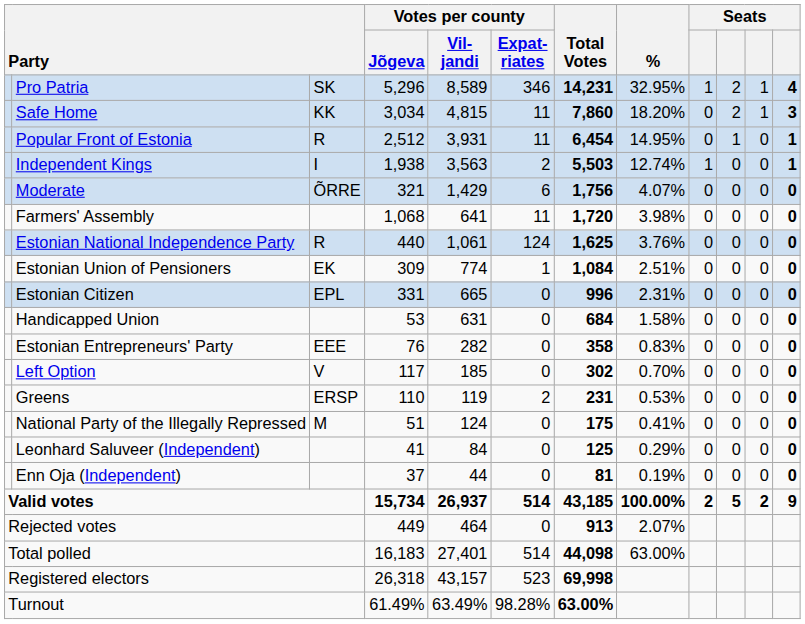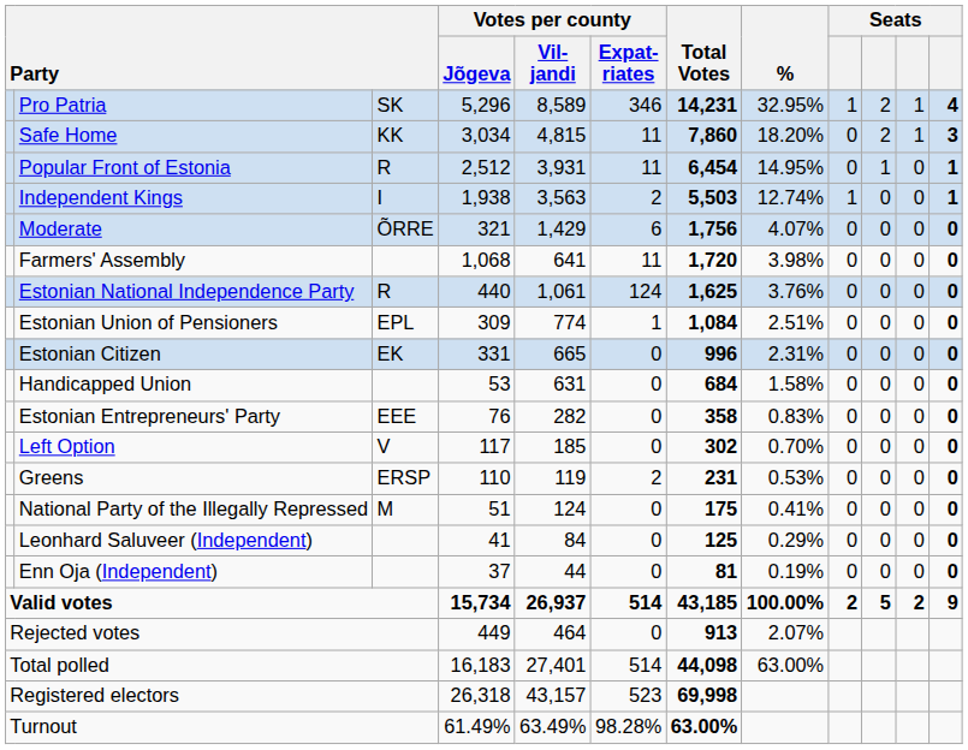 <table class="wikitable" border="1" style="text-align:right;">
 <tr>
 <th style="text-align:left;" valign=bottom rowspan=2 colspan=3>Party</th>
 <th colspan=3>Votes per county</th>
 <th align=center valign=bottom rowspan=2 width="50">Total Votes</th>
 <th align=center valign=bottom rowspan=2 width="50">%</th>
 <th colspan=4>Seats</th>
 </tr>
 <tr>
 <th align=center valign=bottom width="50"><a href='#'>Jõgeva</a></th>
 <th align=center valign=bottom width="50"><a href='#'>Vil- jandi</a></th>
 <th align=center valign=bottom width="50"><a href='#'>Expat- riates</a></th>
 <th align=center valign=bottom width="20"><small></small></th>
 <th align=center valign=bottom width="20"><small></small></th>
 <th align=center valign=bottom width="20"><small></small></th>
 <th align=center valign=bottom width="20"><small></small></th>
 </tr>
 <tr style="background:#CEE0F2;">
 <td style="background:"></td>
 <td align=left><a href='#'>Pro Patria</a></td>
 <td align=left>SK</td>
 <td>5,296</td>
 <td>8,589</td>
 <td>346</td>
 <td><strong>14,231</strong></td>
 <td>32.95%</td>
 <td>1</td>
 <td>2</td>
 <td>1</td>
 <td><strong>4</strong></td>
 </tr>
 <tr style="background:#CEE0F2;">
 <td style="background:"></td>
 <td align=left><a href='#'>Safe Home</a></td>
 <td align=left>KK</td>
 <td>3,034</td>
 <td>4,815</td>
 <td>11</td>
 <td><strong>7,860</strong></td>
 <td>18.20%</td>
 <td>0</td>
 <td>2</td>
 <td>1</td>
 <td><strong>3</strong></td>
 </tr>
 <tr style="background:#CEE0F2;">
 <td style="background:"></td>
 <td align=left><a href='#'>Popular Front of Estonia</a></td>
 <td align=left>R</td>
 <td>2,512</td>
 <td>3,931</td>
 <td>11</td>
 <td><strong>6,454</strong></td>
 <td>14.95%</td>
 <td>0</td>
 <td>1</td>
 <td>0</td>
 <td><strong>1</strong></td>
 </tr>
 <tr style="background:#CEE0F2;">
 <td></td>
 <td align=left><a href='#'>Independent Kings</a></td>
 <td align=left>I</td>
 <td>1,938</td>
 <td>3,563</td>
 <td>2</td>
 <td><strong>5,503</strong></td>
 <td>12.74%</td>
 <td>1</td>
 <td>0</td>
 <td>0</td>
 <td><strong>1</strong></td>
 </tr>
 <tr style="background:#CEE0F2;">
 <td style="background:"></td>
 <td align=left><a href='#'>Moderate</a></td>
 <td align=left>ÕRRE</td>
 <td>321</td>
 <td>1,429</td>
 <td>6</td>
 <td><strong>1,756</strong></td>
 <td>4.07%</td>
 <td>0</td>
 <td>0</td>
 <td>0</td>
 <td><strong>0</strong></td>
 </tr>
 <tr>
 <td></td>
 <td align=left>Farmers' Assembly</td>
 <td></td>
 <td>1,068</td>
 <td>641</td>
 <td>11</td>
 <td><strong>1,720</strong></td>
 <td>3.98%</td>
 <td>0</td>
 <td>0</td>
 <td>0</td>
 <td><strong>0</strong></td>
 </tr>
 <tr style="background:#CEE0F2;">
 <td></td>
 <td align=left><a href='#'>Estonian National Independence Party</a></td>
 <td align=left>R</td>
 <td>440</td>
 <td>1,061</td>
 <td>124</td>
 <td><strong>1,625</strong></td>
 <td>3.76%</td>
 <td>0</td>
 <td>0</td>
 <td>0</td>
 <td><strong>0</strong></td>
 </tr>
 <tr>
 <td></td>
 <td align=left>Estonian Union of Pensioners</td>
-<td align=left>EK</td>
+<td align=left>EPL</td>
 <td>309</td>
 <td>774</td>
 <td>1</td>
 <td><strong>1,084</strong></td>
 <td>2.51%</td>
 <td>0</td>
 <td>0</td>
 <td>0</td>
 <td><strong>0</strong></td>
 </tr>
 <tr style="background:#CEE0F2;">
 <td></td>
 <td align=left>Estonian Citizen</td>
-<td align=left>EPL</td>
+<td align=left>EK</td>
 <td>331</td>
 <td>665</td>
 <td>0</td>
 <td><strong>996</strong></td>
 <td>2.31%</td>
 <td>0</td>
 <td>0</td>
 <td>0</td>
 <td><strong>0</strong></td>
 </tr>
 <tr>
 <td></td>
 <td align=left>Handicapped Union</td>
 <td></td>
 <td>53</td>
 <td>631</td>
 <td>0</td>
 <td><strong>684</strong></td>
 <td>1.58%</td>
 <td>0</td>
 <td>0</td>
 <td>0</td>
 <td><strong>0</strong></td>
 </tr>
 <tr>
 <td></td>
 <td align=left>Estonian Entrepreneurs' Party</td>
 <td align=left>EEE</td>
 <td>76</td>
 <td>282</td>
 <td>0</td>
 <td><strong>358</strong></td>
 <td>0.83%</td>
 <td>0</td>
 <td>0</td>
 <td>0</td>
 <td><strong>0</strong></td>
 </tr>
 <tr>
 <td style="background:"></td>
 <td align=left><a href='#'>Left Option</a></td>
 <td align=left>V</td>
 <td>117</td>
 <td>185</td>
 <td>0</td>
 <td><strong>302</strong></td>
 <td>0.70%</td>
 <td>0</td>
 <td>0</td>
 <td>0</td>
 <td><strong>0</strong></td>
 </tr>
 <tr>
 <td></td>
 <td align=left>Greens</td>
 <td align=left>ERSP</td>
 <td>110</td>
 <td>119</td>
 <td>2</td>
 <td><strong>231</strong></td>
 <td>0.53%</td>
 <td>0</td>
 <td>0</td>
 <td>0</td>
 <td><strong>0</strong></td>
 </tr>
 <tr>
 <td></td>
 <td align=left>National Party of the Illegally Repressed</td>
 <td align=left>M</td>
 <td>51</td>
 <td>124</td>
 <td>0</td>
 <td><strong>175</strong></td>
 <td>0.41%</td>
 <td>0</td>
 <td>0</td>
 <td>0</td>
 <td><strong>0</strong></td>
 </tr>
 <tr>
 <td style="background:"></td>
 <td align=left>Leonhard Saluveer (<a href='#'>Independent</a>)</td>
 <td></td>
 <td>41</td>
 <td>84</td>
 <td>0</td>
 <td><strong>125</strong></td>
 <td>0.29%</td>
 <td>0</td>
 <td>0</td>
 <td>0</td>
 <td><strong>0</strong></td>
 </tr>
 <tr>
 <td style="background:"></td>
 <td align=left>Enn Oja (<a href='#'>Independent</a>)</td>
 <td></td>
 <td>37</td>
 <td>44</td>
 <td>0</td>
 <td><strong>81</strong></td>
 <td>0.19%</td>
 <td>0</td>
 <td>0</td>
 <td>0</td>
 <td><strong>0</strong></td>
 </tr>
 <tr style="font-weight:bold">
 <td align=left colspan=3>Valid votes</td>
 <td>15,734</td>
 <td>26,937</td>
 <td>514</td>
 <td>43,185</td>
 <td>100.00%</td>
 <td>2</td>
 <td>5</td>
 <td>2</td>
 <td>9</td>
 </tr>
 <tr>
 <td align=left colspan=3>Rejected votes</td>
 <td>449</td>
 <td>464</td>
 <td>0</td>
 <td><strong>913</strong></td>
 <td>2.07%</td>
 <td></td>
 <td></td>
 <td></td>
 <td></td>
 </tr>
 <tr>
 <td align=left colspan=3>Total polled</td>
 <td>16,183</td>
 <td>27,401</td>
 <td>514</td>
 <td><strong>44,098</strong></td>
 <td>63.00%</td>
 <td></td>
 <td></td>
 <td></td>
 <td></td>
 </tr>
 <tr>
 <td align=left colspan=3>Registered electors</td>
 <td>26,318</td>
 <td>43,157</td>
 <td>523</td>
 <td><strong>69,998</strong></td>
 <td></td>
 <td></td>
 <td></td>
 <td></td>
 <td></td>
 </tr>
 <tr>
 <td align=left colspan=3>Turnout</td>
 <td>61.49%</td>
 <td>63.49%</td>
 <td>98.28%</td>
 <td><strong>63.00%</strong></td>
 <td></td>
 <td></td>
 <td></td>
 <td></td>
 <td></td>
 </tr>
 </table>
